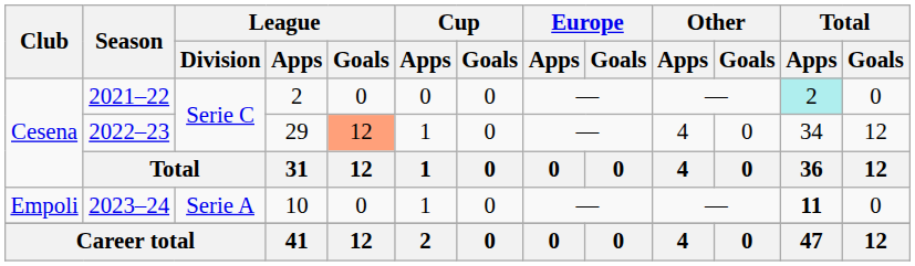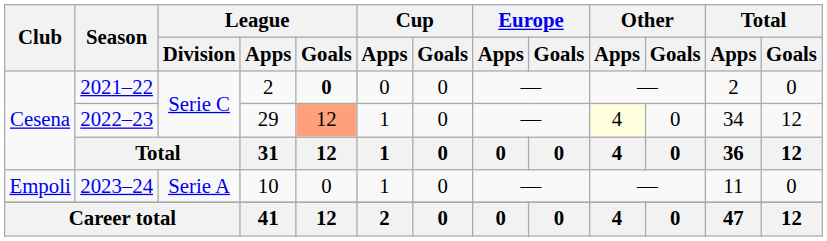 <table class="wikitable" style="text-align:center">
 <tr>
 <th rowspan="2">Club</th>
 <th rowspan="2">Season</th>
 <th colspan="3">League</th>
 <th colspan="2">Cup</th>
 <th colspan="2"><a href='#'>Europe</a></th>
 <th colspan="2">Other</th>
 <th colspan="2">Total</th>
 </tr>
 <tr>
 <th>Division</th>
 <th>Apps</th>
 <th>Goals</th>
 <th>Apps</th>
 <th>Goals</th>
 <th>Apps</th>
 <th>Goals</th>
 <th>Apps</th>
 <th>Goals</th>
 <th>Apps</th>
 <th>Goals</th>
 </tr>
 <tr>
 <td rowspan="3" valign="center"><a href='#'>Cesena</a></td>
 <td><a href='#'>2021–22</a></td>
 <td rowspan="2"><a href='#'>Serie C</a></td>
 <td>2</td>
-<td>0</td>
+<td><strong>0</strong></td>
 <td>0</td>
 <td>0</td>
 <td colspan="2">—</td>
 <td colspan="2">—</td>
-<td style="background: paleturquoise;">2</td>
+<td>2</td>
 <td>0</td>
 </tr>
 <tr>
 <td><a href='#'>2022–23</a></td>
 <td>29</td>
 <td style="background: lightsalmon;">12</td>
 <td>1</td>
 <td>0</td>
 <td colspan="2">—</td>
-<td>4</td>
+<td style="background: lightyellow;">4</td>
 <td>0</td>
 <td>34</td>
 <td>12</td>
 </tr>
 <tr>
 <th colspan="2" valign="center">Total</th>
 <th>31</th>
 <th>12</th>
 <th>1</th>
 <th>0</th>
 <th>0</th>
 <th>0</th>
 <th>4</th>
 <th>0</th>
 <th>36</th>
 <th>12</th>
 </tr>
 <tr>
 <td><a href='#'>Empoli</a></td>
 <td><a href='#'>2023–24</a></td>
 <td><a href='#'>Serie A</a></td>
 <td>10</td>
 <td>0</td>
 <td>1</td>
 <td>0</td>
 <td colspan="2">—</td>
 <td colspan="2">—</td>
-<td><strong>11</strong></td>
+<td>11</td>
 <td>0</td>
 </tr>
 <tr>
 </tr>
 <tr>
 <th colspan="3">Career total</th>
 <th>41</th>
 <th>12</th>
 <th>2</th>
 <th>0</th>
 <th>0</th>
 <th>0</th>
 <th>4</th>
 <th>0</th>
 <th>47</th>
 <th>12</th>
 </tr>
 </table>
